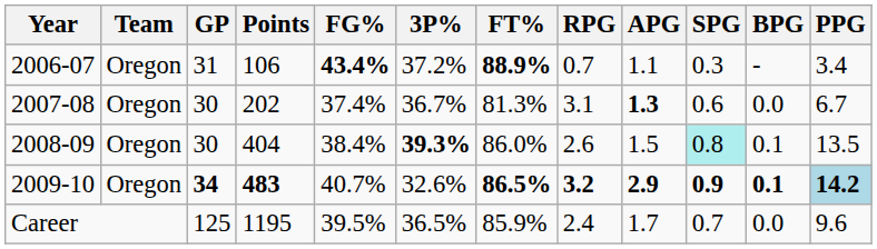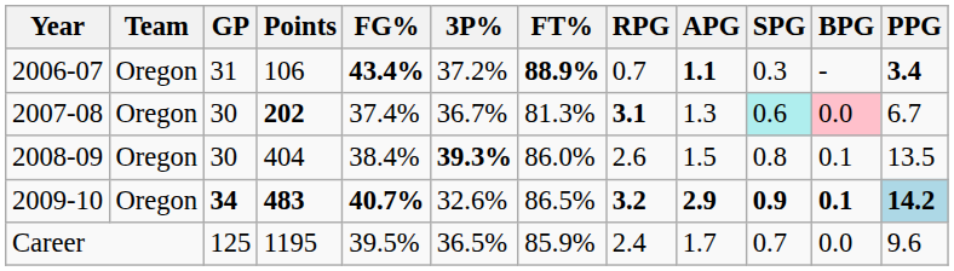 <table class="wikitable">
 <tr>
 <th>Year</th>
 <th>Team</th>
 <th>GP</th>
 <th>Points</th>
 <th>FG%</th>
 <th>3P%</th>
 <th>FT%</th>
 <th>RPG</th>
 <th>APG</th>
 <th>SPG</th>
 <th>BPG</th>
 <th>PPG</th>
 </tr>
 <tr>
 <td>2006-07</td>
 <td>Oregon</td>
 <td>31</td>
 <td>106</td>
 <td><strong>43.4%</strong></td>
 <td>37.2%</td>
 <td><strong>88.9%</strong></td>
 <td>0.7</td>
-<td>1.1</td>
+<td><strong>1.1</strong></td>
 <td>0.3</td>
 <td>-</td>
-<td>3.4</td>
+<td><strong>3.4</strong></td>
 </tr>
 <tr>
 <td>2007-08</td>
 <td>Oregon</td>
 <td>30</td>
-<td>202</td>
+<td><strong>202</strong></td>
 <td>37.4%</td>
 <td>36.7%</td>
 <td>81.3%</td>
-<td>3.1</td>
-<td><strong>1.3</strong></td>
-<td>0.6</td>
-<td>0.0</td>
+<td><strong>3.1</strong></td>
+<td>1.3</td>
+<td style="background: paleturquoise;">0.6</td>
+<td style="background: pink;">0.0</td>
 <td>6.7</td>
 </tr>
 <tr>
 <td>2008-09</td>
 <td>Oregon</td>
 <td>30</td>
 <td>404</td>
 <td>38.4%</td>
 <td><strong>39.3%</strong></td>
 <td>86.0%</td>
 <td>2.6</td>
 <td>1.5</td>
-<td style="background: paleturquoise;">0.8</td>
+<td>0.8</td>
 <td>0.1</td>
 <td>13.5</td>
 </tr>
 <tr>
 <td>2009-10</td>
 <td>Oregon</td>
 <td><strong>34</strong></td>
 <td><strong>483</strong></td>
-<td>40.7%</td>
+<td><strong>40.7%</strong></td>
 <td>32.6%</td>
-<td><strong>86.5%</strong></td>
+<td>86.5%</td>
 <td><strong>3.2</strong></td>
 <td><strong>2.9</strong></td>
 <td><strong>0.9</strong></td>
 <td><strong>0.1</strong></td>
 <td style="background: lightblue;"><strong>14.2</strong></td>
 </tr>
 <tr>
 <td colspan="2">Career</td>
 <td>125</td>
 <td>1195</td>
 <td>39.5%</td>
 <td>36.5%</td>
 <td>85.9%</td>
 <td>2.4</td>
 <td>1.7</td>
 <td>0.7</td>
 <td>0.0</td>
 <td>9.6</td>
 </tr>
 </table>
